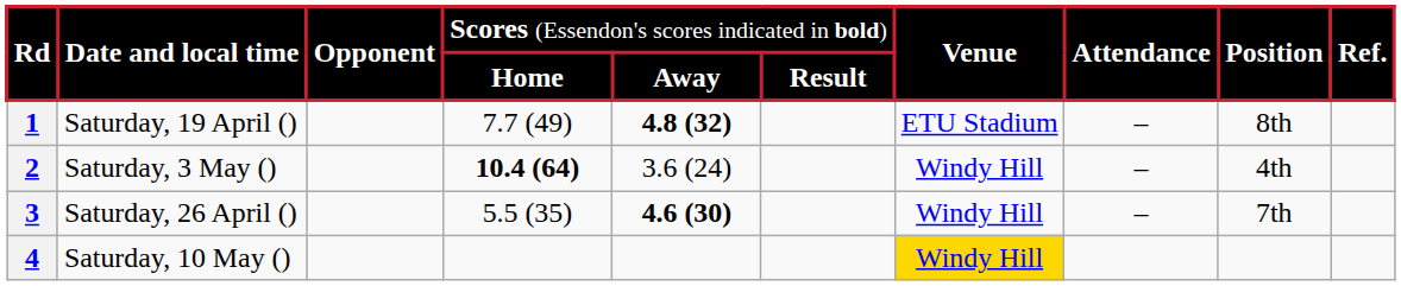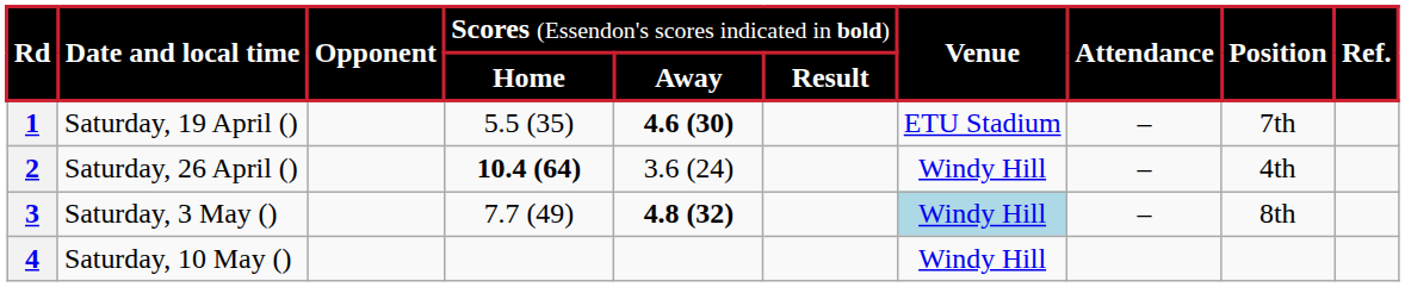 <table class="wikitable" style="text-align:center">
 <tr>
 <th rowspan="2" style="background: #000000; color: #FFFFFF; border: solid #CC2031 2px">Rd</th>
 <th rowspan="2" style="background: #000000; color: #FFFFFF; border: solid #CC2031 2px">Date and local time</th>
 <th rowspan="2" style="background: #000000; color: #FFFFFF; border: solid #CC2031 2px">Opponent</th>
 <td colspan="3" style="background: #000000; color: #FFFFFF; border: solid #CC2031 2px"><strong>Scores</strong> <small>(Essendon's scores indicated in <strong>bold</strong>)</small></td>
 <th rowspan="2" style="background: #000000; color: #FFFFFF; border: solid #CC2031 2px">Venue</th>
 <th rowspan="2" style="background: #000000; color: #FFFFFF; border: solid #CC2031 2px">Attendance</th>
 <th rowspan="2" style="background: #000000; color: #FFFFFF; border: solid #CC2031 2px">Position</th>
 <th rowspan="2" style="background: #000000; color: #FFFFFF; border: solid #CC2031 2px">Ref.</th>
 </tr>
 <tr>
 <th style="background: #000000; color: #FFFFFF; border: solid #CC2031 2px">Home</th>
 <th style="background: #000000; color: #FFFFFF; border: solid #CC2031 2px">Away</th>
 <th style="background: #000000; color: #FFFFFF; border: solid #CC2031 2px">Result</th>
 </tr>
 <tr>
 <th><a href='#'>1</a></th>
 <td align=left>Saturday, 19 April ()</td>
 <td align=left></td>
-<td>7.7 (49)</td>
-<td><strong>4.8 (32)</strong></td>
+<td>5.5 (35)</td>
+<td><strong>4.6 (30)</strong></td>
 <td></td>
 <td><a href='#'>ETU Stadium</a></td>
 <td>–</td>
-<td>8th </td>
+<td>7th </td>
 <td></td>
 </tr>
 <tr>
 <th><a href='#'>2</a></th>
-<td align=left>Saturday, 3 May ()</td>
+<td align=left>Saturday, 26 April ()</td>
 <td align=left></td>
 <td><strong>10.4 (64)</strong></td>
 <td>3.6 (24)</td>
 <td></td>
 <td><a href='#'>Windy Hill</a></td>
 <td>–</td>
 <td>4th </td>
 <td></td>
 </tr>
 <tr>
 <th><a href='#'>3</a></th>
-<td align=left>Saturday, 26 April ()</td>
+<td align=left>Saturday, 3 May ()</td>
 <td align=left></td>
-<td>5.5 (35)</td>
-<td><strong>4.6 (30)</strong></td>
+<td>7.7 (49)</td>
+<td><strong>4.8 (32)</strong></td>
 <td></td>
-<td><a href='#'>Windy Hill</a></td>
+<td style="background: lightblue;"><a href='#'>Windy Hill</a></td>
 <td>–</td>
-<td>7th </td>
+<td>8th </td>
 <td></td>
 </tr>
 <tr>
 <th><a href='#'>4</a></th>
 <td align=left>Saturday, 10 May ()</td>
 <td align=left></td>
 <td></td>
 <td></td>
 <td></td>
-<td style="background: gold;"><a href='#'>Windy Hill</a></td>
+<td><a href='#'>Windy Hill</a></td>
 <td></td>
 <td></td>
 <td></td>
 </tr>
 </table>
